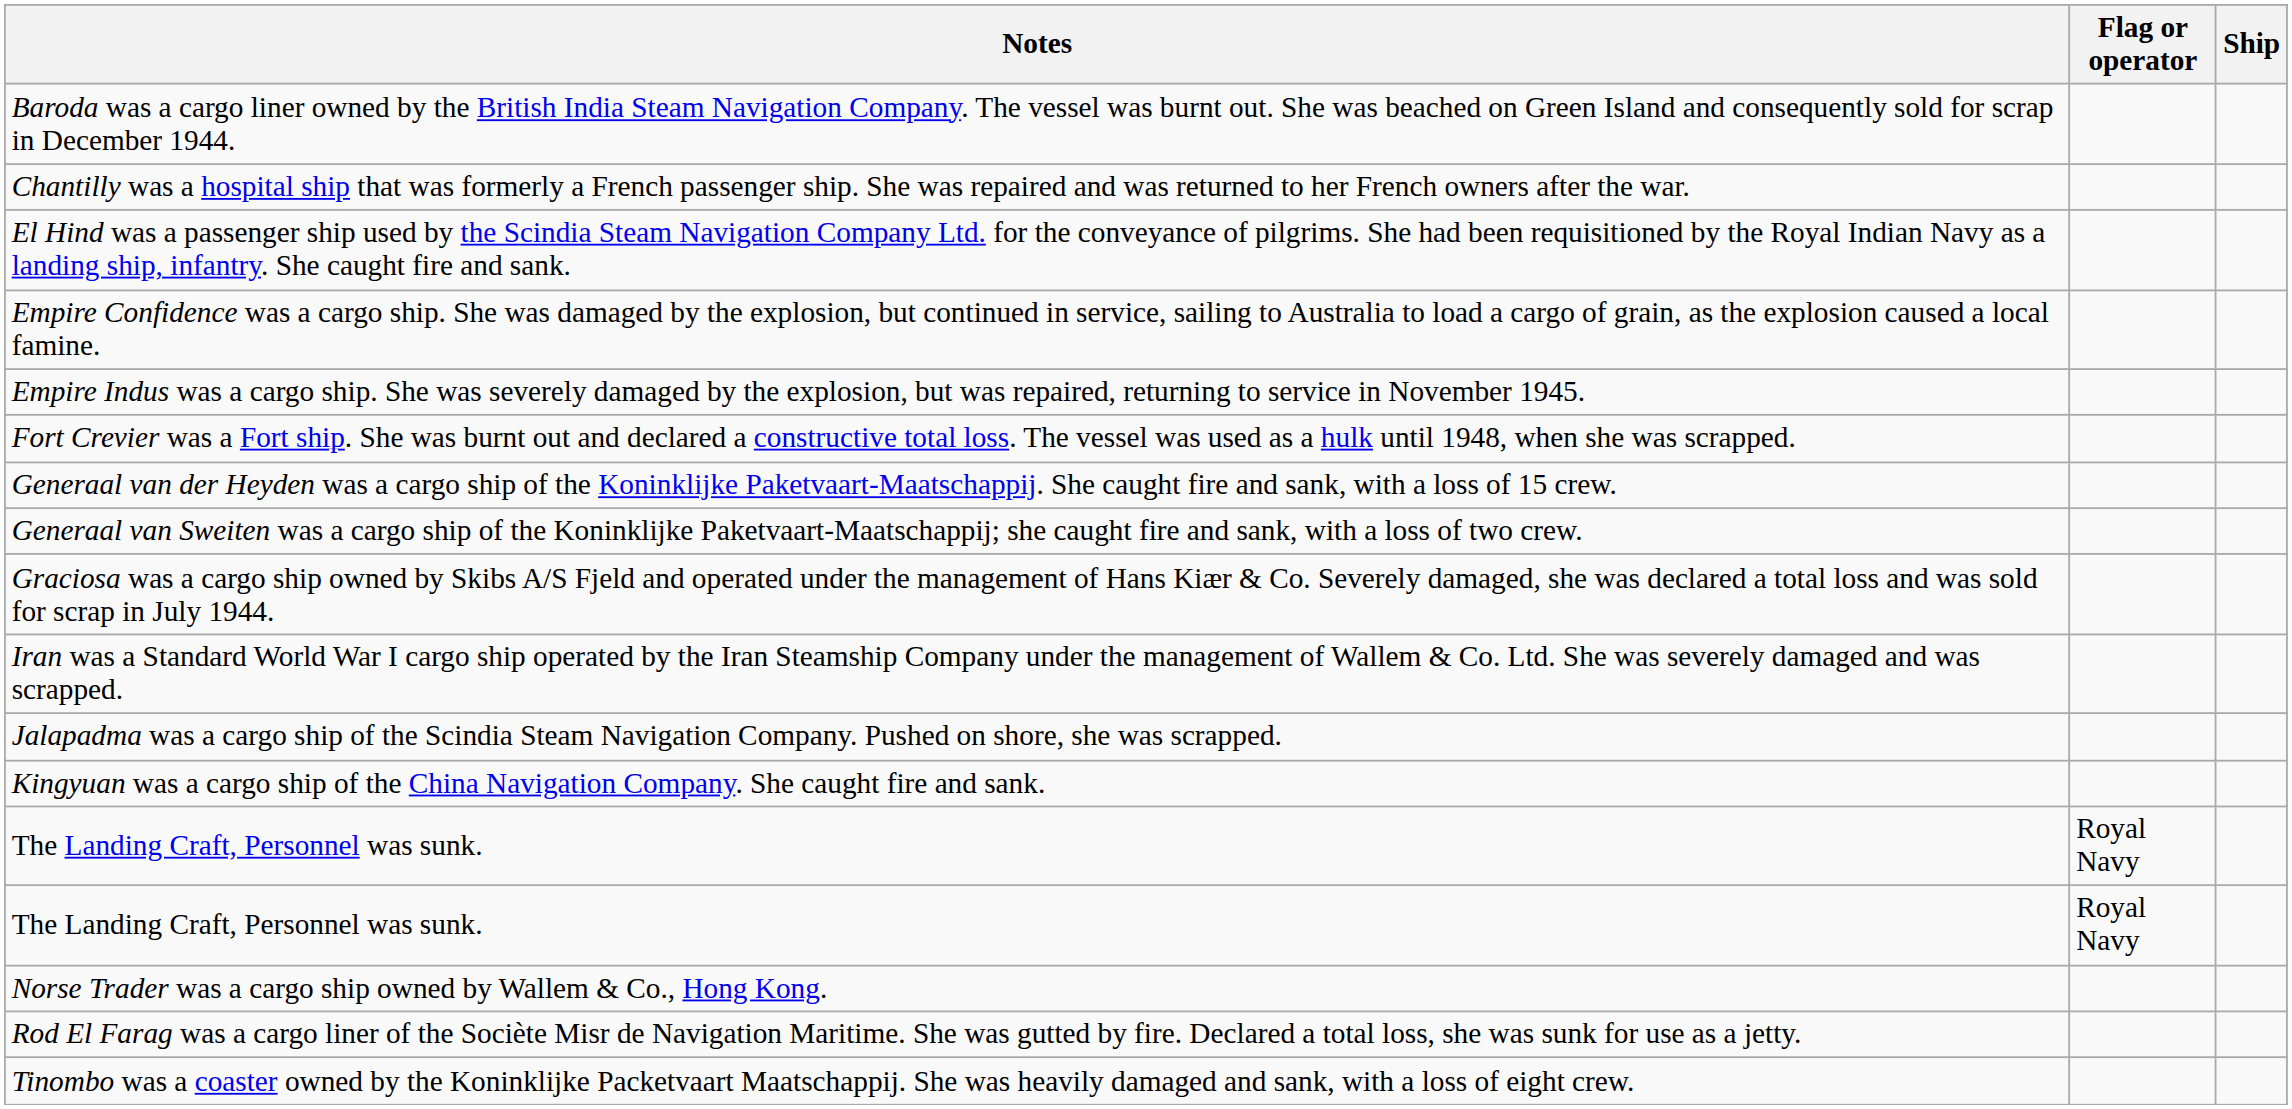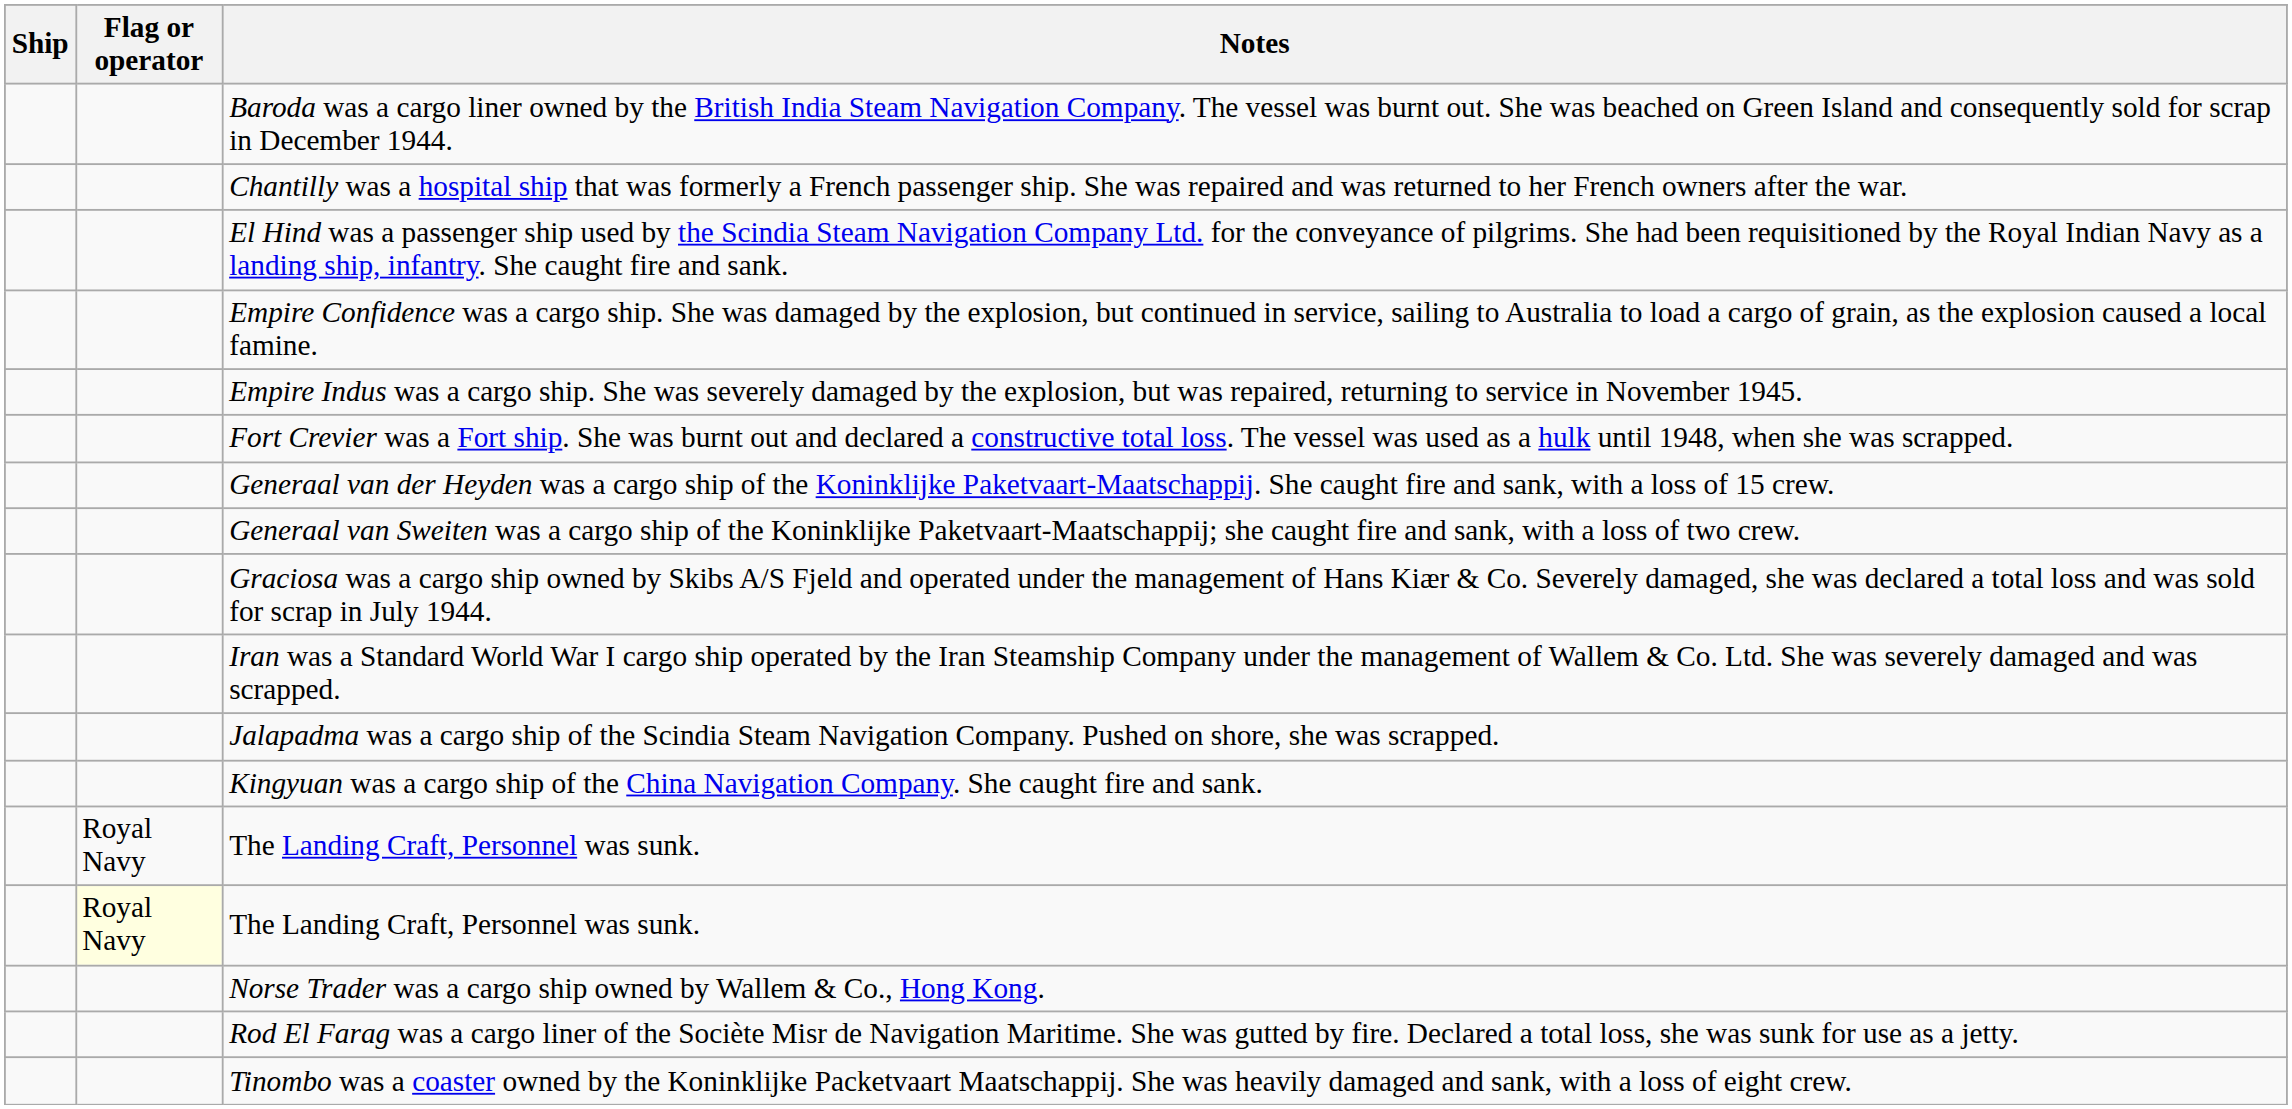 <table class="wikitable" border="1">
 <tr>
+<th>Ship</th>
+<th>Flag or<br>operator</th>
 <th>Notes</th>
-<th>Flag or<br>operator</th>
-<th>Ship</th>
 </tr>
 <tr>
-<td><em>Baroda</em> was a  cargo liner owned by the <a href='#'>British India Steam Navigation Company</a>. The vessel was burnt out. She was beached on Green Island and consequently sold for scrap in December 1944.</td>
 <td></td>
 <td></td>
+<td><em>Baroda</em> was a  cargo liner owned by the <a href='#'>British India Steam Navigation Company</a>. The vessel was burnt out. She was beached on Green Island and consequently sold for scrap in December 1944.</td>
 </tr>
 <tr>
-<td><em>Chantilly</em> was a  <a href='#'>hospital ship</a> that was formerly a French passenger ship. She was repaired and was returned to her French owners after the war.</td>
 <td></td>
 <td></td>
+<td><em>Chantilly</em> was a  <a href='#'>hospital ship</a> that was formerly a French passenger ship. She was repaired and was returned to her French owners after the war.</td>
 </tr>
 <tr>
-<td><em>El Hind</em> was a  passenger ship used by <a href='#'>the Scindia Steam Navigation Company Ltd.</a> for the conveyance of pilgrims. She had been requisitioned by the Royal Indian Navy as a <a href='#'>landing ship, infantry</a>. She caught fire and sank.</td>
 <td></td>
 <td></td>
+<td><em>El Hind</em> was a  passenger ship used by <a href='#'>the Scindia Steam Navigation Company Ltd.</a> for the conveyance of pilgrims. She had been requisitioned by the Royal Indian Navy as a <a href='#'>landing ship, infantry</a>. She caught fire and sank.</td>
 </tr>
 <tr>
-<td><em>Empire Confidence</em> was a  cargo ship. She was damaged by the explosion, but continued in service, sailing to Australia to load a cargo of grain, as the explosion caused a local famine.</td>
 <td></td>
 <td></td>
+<td><em>Empire Confidence</em> was a  cargo ship. She was damaged by the explosion, but continued in service, sailing to Australia to load a cargo of grain, as the explosion caused a local famine.</td>
 </tr>
 <tr>
-<td><em>Empire Indus</em> was a  cargo ship. She was severely damaged by the explosion, but was repaired, returning to service in November 1945.</td>
 <td></td>
 <td></td>
+<td><em>Empire Indus</em> was a  cargo ship. She was severely damaged by the explosion, but was repaired, returning to service in November 1945.</td>
 </tr>
 <tr>
-<td><em>Fort Crevier</em> was a  <a href='#'>Fort ship</a>. She was burnt out and declared a <a href='#'>constructive total loss</a>. The vessel was used as a <a href='#'>hulk</a> until 1948, when she was scrapped.</td>
 <td></td>
 <td></td>
+<td><em>Fort Crevier</em> was a  <a href='#'>Fort ship</a>. She was burnt out and declared a <a href='#'>constructive total loss</a>. The vessel was used as a <a href='#'>hulk</a> until 1948, when she was scrapped.</td>
 </tr>
 <tr>
-<td><em>Generaal van der Heyden</em> was a  cargo ship of the <a href='#'>Koninklijke Paketvaart-Maatschappij</a>. She caught fire and sank, with a loss of 15 crew.</td>
 <td></td>
 <td></td>
+<td><em>Generaal van der Heyden</em> was a  cargo ship of the <a href='#'>Koninklijke Paketvaart-Maatschappij</a>. She caught fire and sank, with a loss of 15 crew.</td>
 </tr>
 <tr>
-<td><em>Generaal van Sweiten</em> was a  cargo ship of the Koninklijke Paketvaart-Maatschappij; she caught fire and sank, with a loss of two crew.</td>
 <td></td>
 <td></td>
+<td><em>Generaal van Sweiten</em> was a  cargo ship of the Koninklijke Paketvaart-Maatschappij; she caught fire and sank, with a loss of two crew.</td>
 </tr>
 <tr>
-<td><em>Graciosa</em> was a  cargo ship owned by Skibs A/S Fjeld and operated under the management of Hans Kiær & Co. Severely damaged, she was declared a total loss and was sold for scrap in July 1944.</td>
 <td></td>
 <td></td>
+<td><em>Graciosa</em> was a  cargo ship owned by Skibs A/S Fjeld and operated under the management of Hans Kiær & Co. Severely damaged, she was declared a total loss and was sold for scrap in July 1944.</td>
 </tr>
 <tr>
-<td><em>Iran</em> was a  Standard World War I cargo ship operated by the Iran Steamship Company under the management of Wallem & Co. Ltd. She was severely damaged and was scrapped.</td>
 <td></td>
 <td></td>
+<td><em>Iran</em> was a  Standard World War I cargo ship operated by the Iran Steamship Company under the management of Wallem & Co. Ltd. She was severely damaged and was scrapped.</td>
 </tr>
 <tr>
-<td><em>Jalapadma</em> was a  cargo ship of the Scindia Steam Navigation Company. Pushed on shore, she was scrapped.</td>
 <td></td>
 <td></td>
+<td><em>Jalapadma</em> was a  cargo ship of the Scindia Steam Navigation Company. Pushed on shore, she was scrapped.</td>
 </tr>
 <tr>
-<td><em>Kingyuan</em> was a  cargo ship of the <a href='#'>China Navigation Company</a>. She caught fire and sank.</td>
 <td></td>
 <td></td>
+<td><em>Kingyuan</em> was a  cargo ship of the <a href='#'>China Navigation Company</a>. She caught fire and sank.</td>
 </tr>
 <tr>
+<td></td>
+<td> Royal Navy</td>
 <td>The <a href='#'>Landing Craft, Personnel</a> was sunk.</td>
-<td> Royal Navy</td>
-<td></td>
 </tr>
 <tr>
+<td></td>
+<td style="background: lightyellow;"> Royal Navy</td>
 <td>The Landing Craft, Personnel was sunk.</td>
-<td> Royal Navy</td>
-<td></td>
 </tr>
 <tr>
-<td><em>Norse Trader</em> was a  cargo ship owned by Wallem & Co., <a href='#'>Hong Kong</a>.</td>
 <td></td>
 <td></td>
+<td><em>Norse Trader</em> was a  cargo ship owned by Wallem & Co., <a href='#'>Hong Kong</a>.</td>
 </tr>
 <tr>
-<td><em>Rod El Farag</em> was a  cargo liner of the Sociète Misr de Navigation Maritime. She was gutted by fire. Declared a total loss, she was sunk for use as a jetty.</td>
 <td></td>
 <td></td>
+<td><em>Rod El Farag</em> was a  cargo liner of the Sociète Misr de Navigation Maritime. She was gutted by fire. Declared a total loss, she was sunk for use as a jetty.</td>
 </tr>
 <tr>
-<td><em>Tinombo</em> was a  <a href='#'>coaster</a> owned by the Koninklijke Packetvaart Maatschappij. She was heavily damaged and sank, with a loss of eight crew.</td>
 <td></td>
 <td></td>
+<td><em>Tinombo</em> was a  <a href='#'>coaster</a> owned by the Koninklijke Packetvaart Maatschappij. She was heavily damaged and sank, with a loss of eight crew.</td>
 </tr>
 </table>
